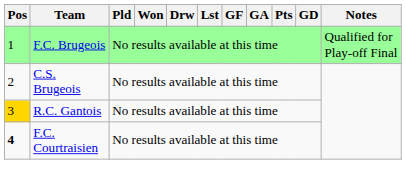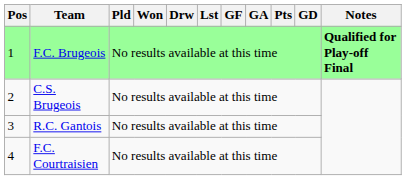 <table class="wikitable" width=70% style="font-size:90%">
 <tr>
 <th width=4%><strong>Pos</strong></th>
 <th width=26%><strong>Team</strong></th>
 <th width=4%><strong>Pld</strong></th>
 <th width=4%><strong>Won</strong></th>
 <th width=4%><strong>Drw</strong></th>
 <th width=4%><strong>Lst</strong></th>
 <th width=4%><strong>GF</strong></th>
 <th width=4%><strong>GA</strong></th>
 <th width=4%><strong>Pts</strong></th>
 <th width=4%><strong>GD</strong></th>
 <th width=38%><strong>Notes</strong></th>
 </tr>
 <tr style="background:#99ff99">
 <td>1</td>
 <td><a href='#'>F.C. Brugeois</a></td>
 <td colspan=8>No results available at this time</td>
-<td>Qualified for Play-off Final</td>
+<td><strong>Qualified for Play-off Final</strong></td>
 </tr>
 <tr>
 <td>2</td>
 <td><a href='#'>C.S. Brugeois</a></td>
 <td colspan=8>No results available at this time</td>
 </tr>
 <tr>
-<td style="background: gold;">3</td>
+<td>3</td>
 <td><a href='#'>R.C. Gantois</a></td>
 <td colspan=8>No results available at this time</td>
 </tr>
 <tr>
-<td><strong>4</strong></td>
+<td>4</td>
 <td><a href='#'>F.C. Courtraisien</a></td>
 <td colspan=8>No results available at this time</td>
 </tr>
 </table>
